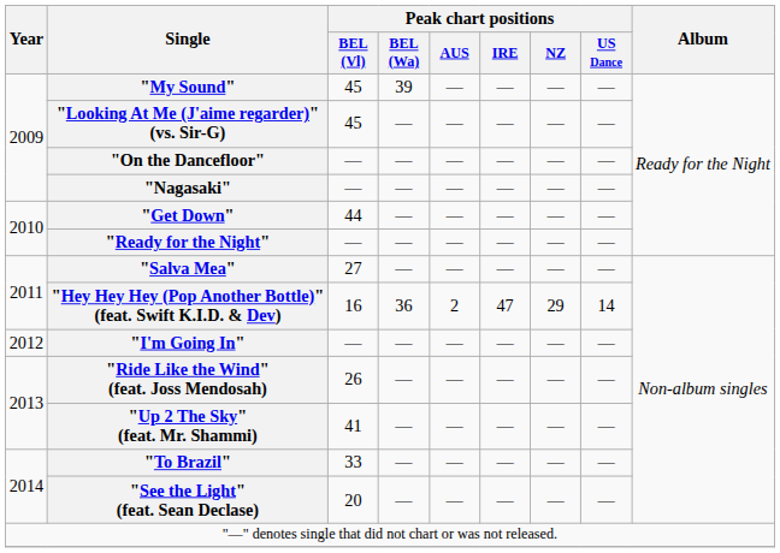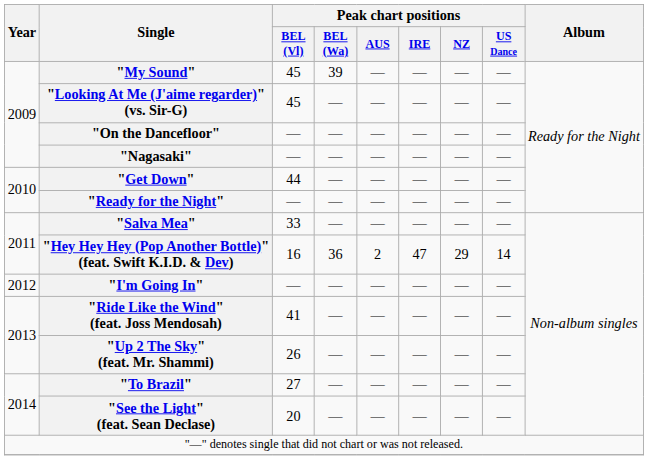 <table class="wikitable plainrowheaders" style="text-align:center;">
 <tr>
 <th scope="col" rowspan="2">Year</th>
 <th scope="col" rowspan="2">Single</th>
 <th scope="col" colspan="6">Peak chart positions</th>
 <th scope="col" rowspan="2">Album</th>
 </tr>
 <tr>
 <th scope="col" style="width:3em;font-size:85%;"><a href='#'>BEL<br>(Vl)</a><br></th>
 <th scope="col" style="width:3em;font-size:85%;"><a href='#'>BEL<br>(Wa)</a><br></th>
 <th scope="col" style="width:3em;font-size:85%;"><a href='#'>AUS</a><br></th>
 <th scope="col" style="width:3em;font-size:85%;"><a href='#'>IRE</a><br></th>
 <th scope="col" style="width:3em;font-size:85%;"><a href='#'>NZ</a><br></th>
 <th scope="col" style="width:3em;font-size:85%;"><a href='#'>US <small>Dance</small></a></th>
 </tr>
 <tr>
 <td rowspan="4">2009</td>
 <th scope="row">"<a href='#'>My Sound</a>"</th>
 <td>45</td>
 <td>39</td>
 <td>—</td>
 <td>—</td>
 <td>—</td>
 <td>—</td>
 <td rowspan="6"><em>Ready for the Night</em></td>
 </tr>
 <tr>
 <th scope="row">"<a href='#'>Looking At Me (J'aime regarder)</a>"<br><span>(vs. Sir-G)</span></th>
 <td>45</td>
 <td>—</td>
 <td>—</td>
 <td>—</td>
 <td>—</td>
 <td>—</td>
 </tr>
 <tr>
 <th scope="row">"On the Dancefloor"</th>
 <td>—</td>
 <td>—</td>
 <td>—</td>
 <td>—</td>
 <td>—</td>
 <td>—</td>
 </tr>
 <tr>
 <th scope="row">"Nagasaki"</th>
 <td>—</td>
 <td>—</td>
 <td>—</td>
 <td>—</td>
 <td>—</td>
 <td>—</td>
 </tr>
 <tr>
 <td rowspan="2">2010</td>
 <th scope="row">"<a href='#'>Get Down</a>"</th>
 <td>44</td>
 <td>—</td>
 <td>—</td>
 <td>—</td>
 <td>—</td>
 <td>—</td>
 </tr>
 <tr>
 <th scope="row">"<a href='#'>Ready for the Night</a>"</th>
 <td>—</td>
 <td>—</td>
 <td>—</td>
 <td>—</td>
 <td>—</td>
 <td>—</td>
 </tr>
 <tr>
 <td rowspan="2">2011</td>
 <th scope="row">"<a href='#'>Salva Mea</a>"</th>
-<td>27</td>
+<td>33</td>
 <td>—</td>
 <td>—</td>
 <td>—</td>
 <td>—</td>
 <td>—</td>
 <td rowspan="7"><em>Non-album singles</em></td>
 </tr>
 <tr>
 <th scope="row">"<a href='#'>Hey Hey Hey (Pop Another Bottle)</a>"<br><span>(feat. Swift K.I.D. & <a href='#'>Dev</a>)</span></th>
 <td>16</td>
 <td>36</td>
 <td>2</td>
 <td>47</td>
 <td>29</td>
 <td>14</td>
 </tr>
 <tr>
 <td>2012</td>
 <th scope="row">"<a href='#'>I'm Going In</a>"</th>
 <td>—</td>
 <td>—</td>
 <td>—</td>
 <td>—</td>
 <td>—</td>
 <td>—</td>
 </tr>
 <tr>
 <td rowspan="2">2013</td>
 <th scope="row">"<a href='#'>Ride Like the Wind</a>"<br><span>(feat. Joss Mendosah)</span></th>
-<td>26</td>
+<td>41</td>
 <td>—</td>
 <td>—</td>
 <td>—</td>
 <td>—</td>
 <td>—</td>
 </tr>
 <tr>
 <th scope="row">"<a href='#'>Up 2 The Sky</a>"<br><span>(feat. Mr. Shammi)</span></th>
-<td>41</td>
+<td>26</td>
 <td>—</td>
 <td>—</td>
 <td>—</td>
 <td>—</td>
 <td>—</td>
 </tr>
 <tr>
 <td rowspan="2">2014</td>
 <th scope="row">"<a href='#'>To Brazil</a>"</th>
-<td>33</td>
+<td>27</td>
 <td>—</td>
 <td>—</td>
 <td>—</td>
 <td>—</td>
 <td>—</td>
 </tr>
 <tr>
 <th scope="row">"<a href='#'>See the Light</a>"<br><span>(feat. Sean Declase)</span></th>
 <td>20</td>
 <td>—</td>
 <td>—</td>
 <td>—</td>
 <td>—</td>
 <td>—</td>
 </tr>
 <tr>
 <td colspan="14" style="font-size:85%">"—" denotes single that did not chart or was not released.</td>
 </tr>
 <tr>
 </tr>
 </table>
